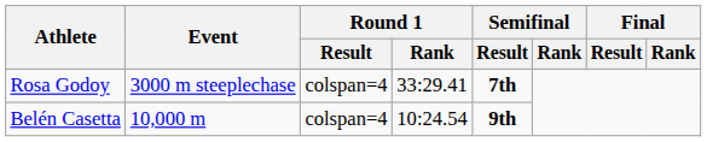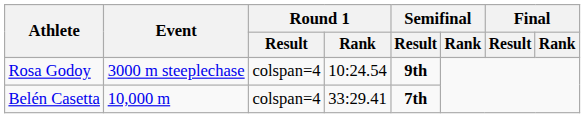 <table class=wikitable style="font-size:90%">
 <tr>
 <th rowspan="2">Athlete</th>
 <th rowspan="2">Event</th>
 <th colspan="2">Round 1</th>
 <th colspan="2">Semifinal</th>
 <th colspan="2">Final</th>
 </tr>
 <tr style="font-size:95%">
 <th>Result</th>
 <th>Rank</th>
 <th>Result</th>
 <th>Rank</th>
 <th>Result</th>
 <th>Rank</th>
 </tr>
 <tr align=center>
 <td align=left><a href='#'>Rosa Godoy</a></td>
 <td align=left><a href='#'>3000 m steeplechase</a></td>
 <td>colspan=4 </td>
-<td>33:29.41</td>
-<td><strong>7th</strong></td>
+<td>10:24.54</td>
+<td><strong>9th</strong></td>
 </tr>
 <tr align=center>
 <td align=left><a href='#'>Belén Casetta</a></td>
 <td align=left><a href='#'>10,000 m</a></td>
 <td>colspan=4 </td>
-<td>10:24.54</td>
-<td><strong>9th</strong></td>
+<td>33:29.41</td>
+<td><strong>7th</strong></td>
 </tr>
 </table>
